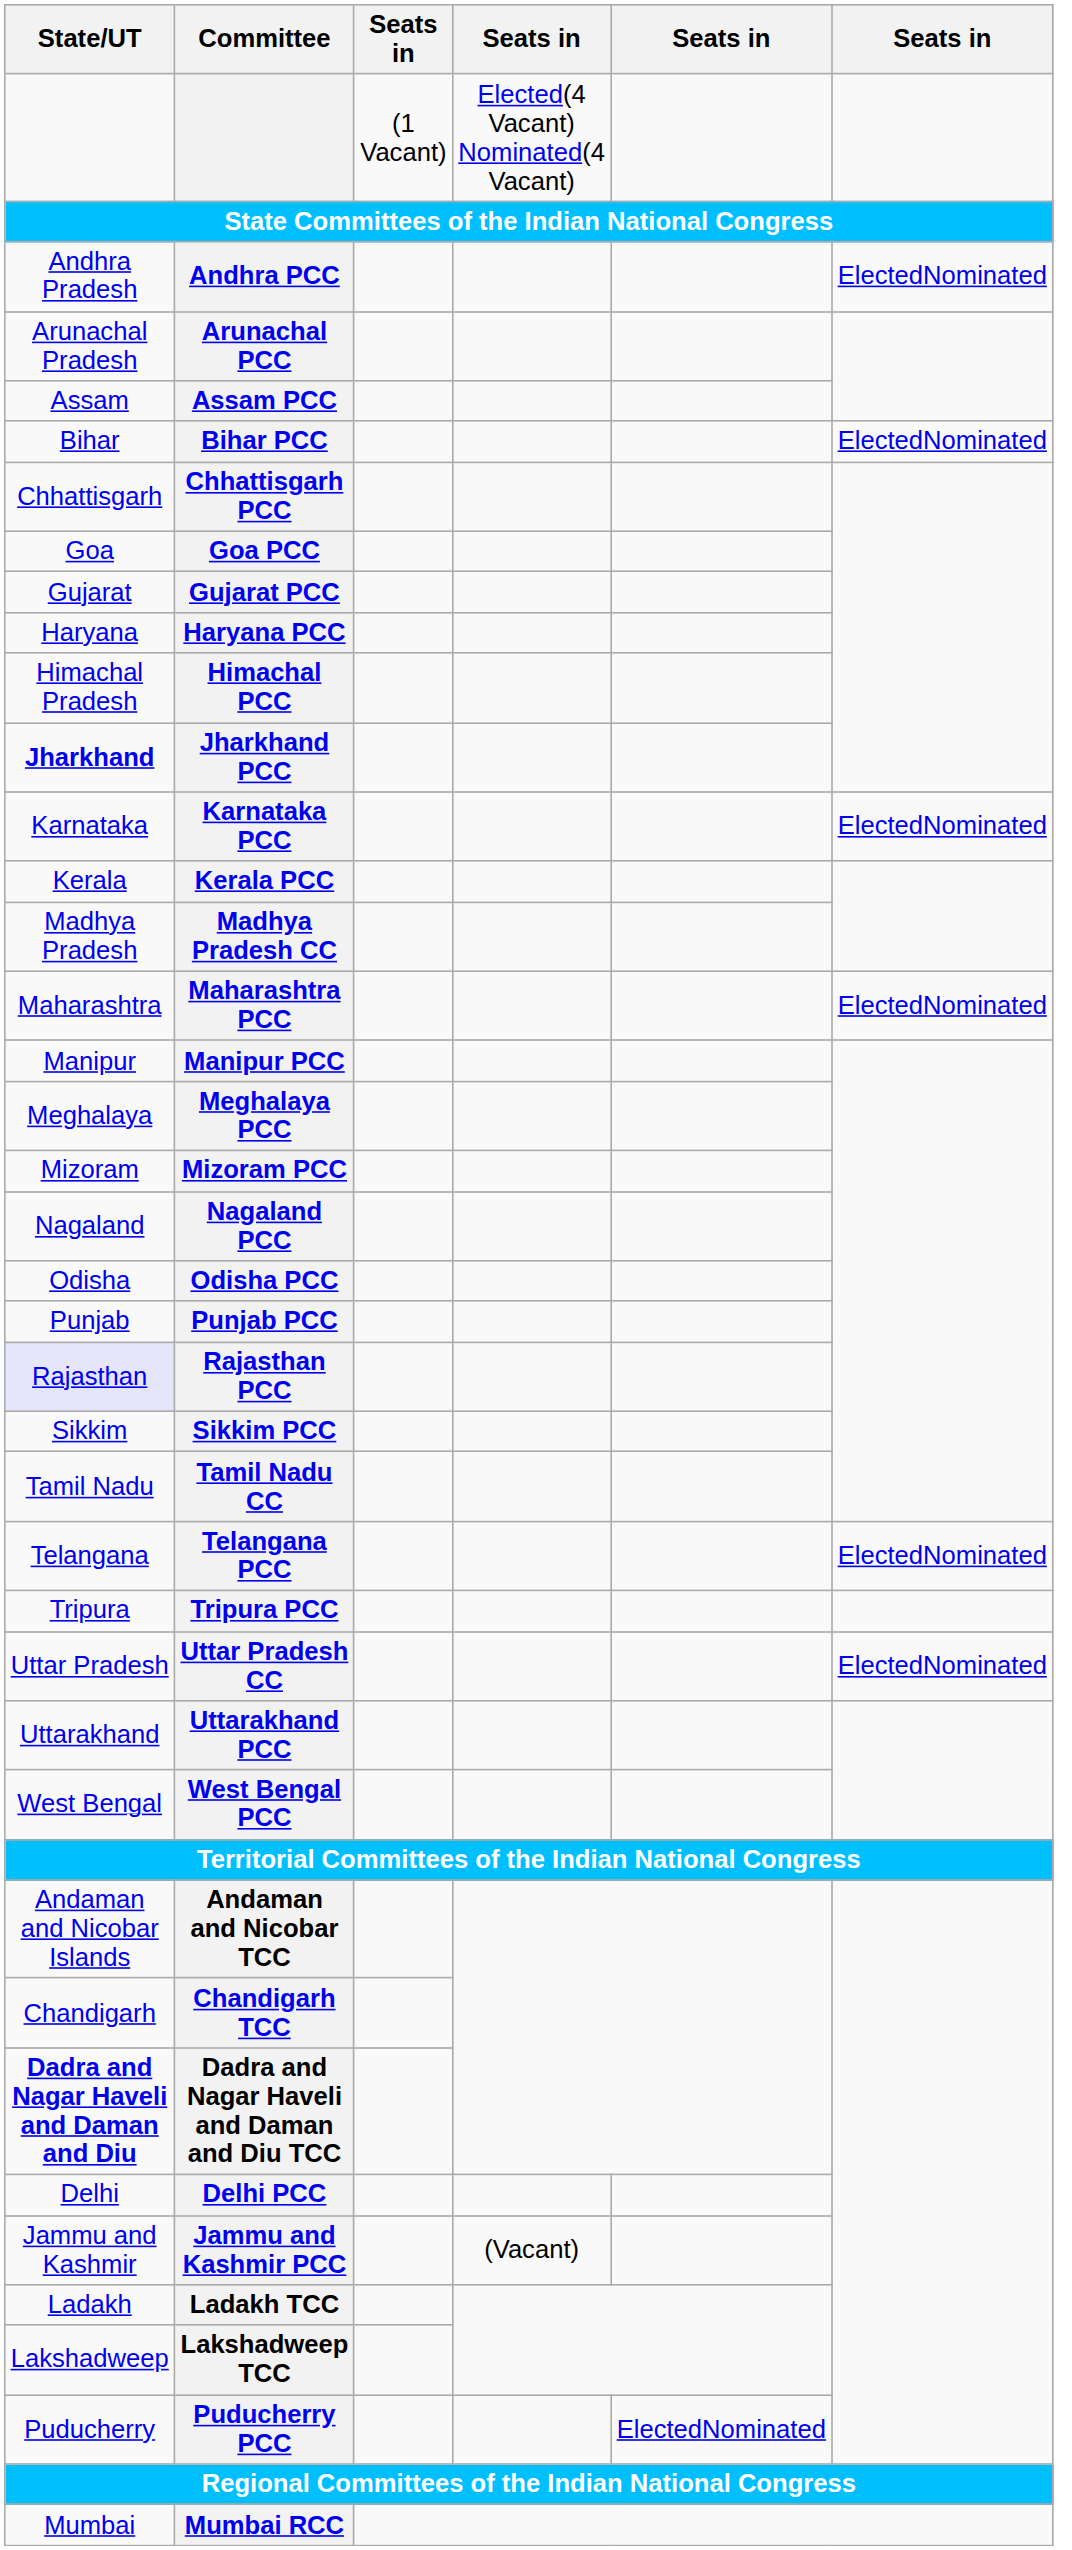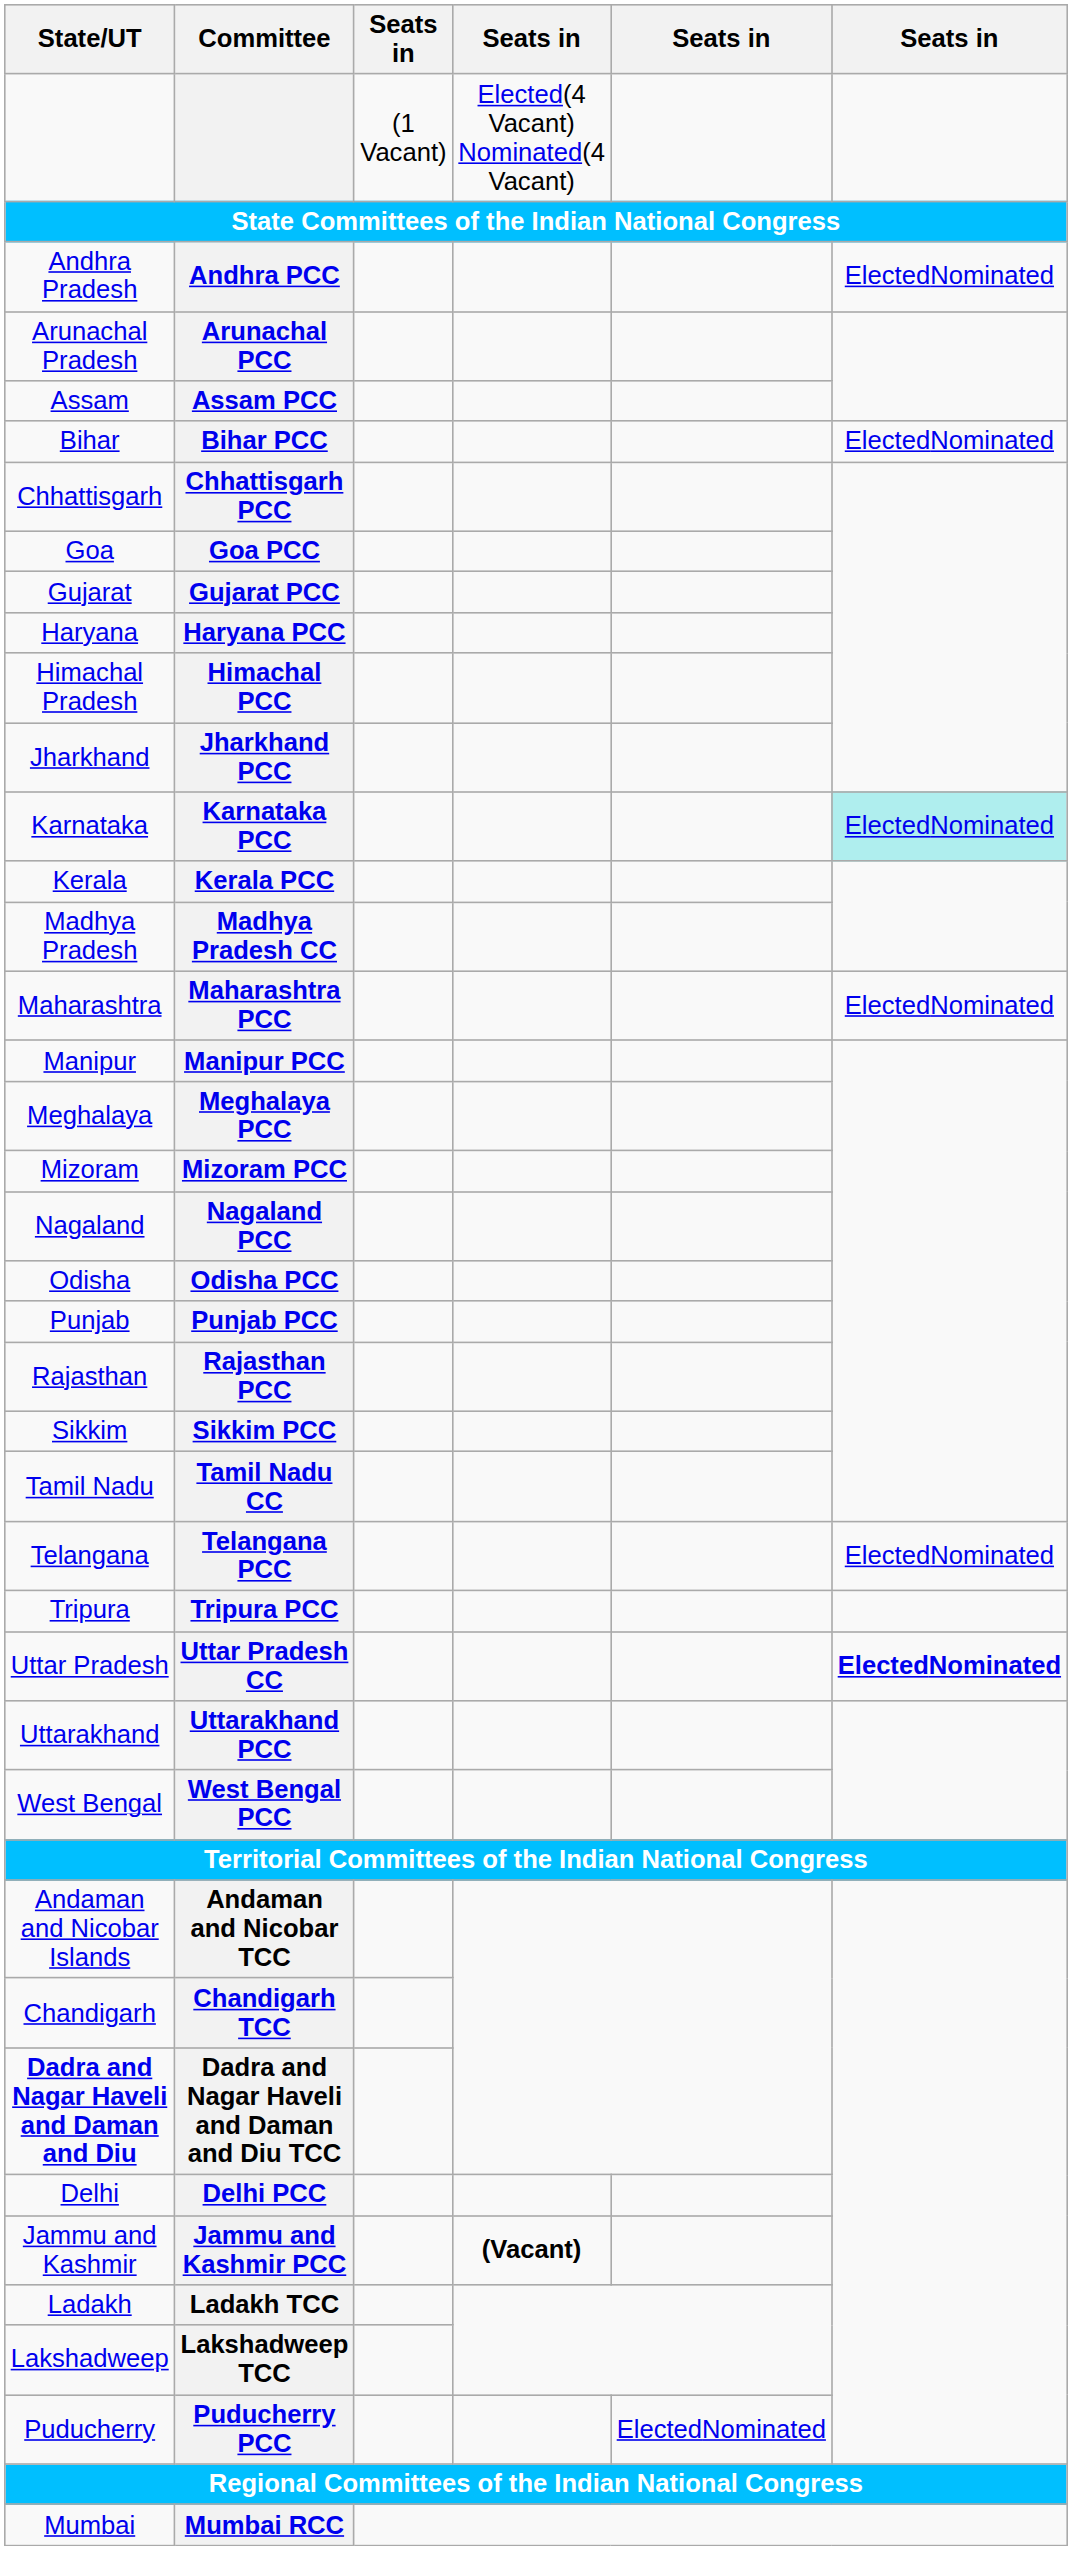 <table class="sortable wikitable" style="text-align:center" width="70%">
 <tr>
 <th>State/UT</th>
 <th>Committee</th>
 <th>Seats in </th>
 <th>Seats in </th>
 <th>Seats in </th>
 <th>Seats in </th>
 </tr>
 <tr>
 <td></td>
 <th></th>
 <td>(1 Vacant)</td>
 <td><a href='#'>Elected</a>(4 Vacant)<br><a href='#'>Nominated</a>(4 Vacant)</td>
 <td></td>
 <td></td>
 </tr>
 <tr>
 <th colspan="7" align="center" style="background: #00BFFF; color:white;">State Committees of the Indian National Congress</th>
 </tr>
 <tr>
 <td><a href='#'>Andhra Pradesh</a></td>
 <th><a href='#'>Andhra PCC</a></th>
 <td></td>
 <td></td>
 <td></td>
 <td><a href='#'>Elected</a><a href='#'>Nominated</a></td>
 </tr>
 <tr>
 <td><a href='#'>Arunachal Pradesh</a></td>
 <th><a href='#'>Arunachal PCC</a></th>
 <td></td>
 <td></td>
 <td></td>
 <td rowspan="2"></td>
 </tr>
 <tr>
 <td><a href='#'>Assam</a></td>
 <th><a href='#'>Assam PCC</a></th>
 <td></td>
 <td></td>
 <td></td>
 </tr>
 <tr>
 <td><a href='#'>Bihar</a></td>
 <th><a href='#'>Bihar PCC</a></th>
 <td></td>
 <td></td>
 <td></td>
 <td><a href='#'>Elected</a><a href='#'>Nominated</a><br></td>
 </tr>
 <tr>
 <td><a href='#'>Chhattisgarh</a></td>
 <th><a href='#'>Chhattisgarh PCC</a></th>
 <td></td>
 <td></td>
 <td></td>
 <td rowspan="6"></td>
 </tr>
 <tr>
 <td><a href='#'>Goa</a></td>
 <th><a href='#'>Goa PCC</a></th>
 <td></td>
 <td></td>
 <td></td>
 </tr>
 <tr>
 <td><a href='#'>Gujarat</a></td>
 <th><a href='#'>Gujarat PCC</a></th>
 <td></td>
 <td></td>
 <td></td>
 </tr>
 <tr>
 <td><a href='#'>Haryana</a></td>
 <th><a href='#'>Haryana PCC</a></th>
 <td></td>
 <td></td>
 <td></td>
 </tr>
 <tr>
 <td><a href='#'>Himachal Pradesh</a></td>
 <th><a href='#'>Himachal PCC</a></th>
 <td></td>
 <td></td>
 <td></td>
 </tr>
 <tr>
-<td><strong><a href='#'>Jharkhand</a></strong></td>
+<td><a href='#'>Jharkhand</a></td>
 <th><a href='#'>Jharkhand PCC</a></th>
 <td></td>
 <td></td>
 <td></td>
 </tr>
 <tr>
 <td><a href='#'>Karnataka</a></td>
 <th><a href='#'>Karnataka PCC</a></th>
 <td></td>
 <td></td>
 <td></td>
-<td><a href='#'>Elected</a><a href='#'>Nominated</a><br></td>
+<td style="background: paleturquoise;"><a href='#'>Elected</a><a href='#'>Nominated</a><br></td>
 </tr>
 <tr>
 <td><a href='#'>Kerala</a></td>
 <th><a href='#'>Kerala PCC</a></th>
 <td></td>
 <td></td>
 <td></td>
 <td rowspan="2"></td>
 </tr>
 <tr>
 <td><a href='#'>Madhya Pradesh</a></td>
 <th><a href='#'>Madhya Pradesh CC</a></th>
 <td></td>
 <td></td>
 <td></td>
 </tr>
 <tr>
 <td><a href='#'>Maharashtra</a></td>
 <th><a href='#'>Maharashtra PCC</a></th>
 <td></td>
 <td></td>
 <td></td>
 <td><a href='#'>Elected</a><a href='#'>Nominated</a></td>
 </tr>
 <tr>
 <td><a href='#'>Manipur</a></td>
 <th><a href='#'>Manipur PCC</a></th>
 <td></td>
 <td></td>
 <td></td>
 <td rowspan="9"></td>
 </tr>
 <tr>
 <td><a href='#'>Meghalaya</a></td>
 <th><a href='#'>Meghalaya PCC</a></th>
 <td></td>
 <td></td>
 <td></td>
 </tr>
 <tr>
 <td><a href='#'>Mizoram</a></td>
 <th><a href='#'>Mizoram PCC</a></th>
 <td></td>
 <td></td>
 <td></td>
 </tr>
 <tr>
 <td><a href='#'>Nagaland</a></td>
 <th><a href='#'>Nagaland PCC</a></th>
 <td></td>
 <td></td>
 <td></td>
 </tr>
 <tr>
 <td><a href='#'>Odisha</a></td>
 <th><a href='#'>Odisha PCC</a></th>
 <td></td>
 <td></td>
 <td></td>
 </tr>
 <tr>
 <td><a href='#'>Punjab</a></td>
 <th><a href='#'>Punjab PCC</a></th>
 <td></td>
 <td></td>
 <td></td>
 </tr>
 <tr>
-<td style="background: lavender;"><a href='#'>Rajasthan</a></td>
+<td><a href='#'>Rajasthan</a></td>
 <th><a href='#'>Rajasthan PCC</a></th>
 <td></td>
 <td></td>
 <td></td>
 </tr>
 <tr>
 <td><a href='#'>Sikkim</a></td>
 <th><a href='#'>Sikkim PCC</a></th>
 <td></td>
 <td></td>
 <td></td>
 </tr>
 <tr>
 <td><a href='#'>Tamil Nadu</a></td>
 <th><a href='#'>Tamil Nadu CC</a></th>
 <td></td>
 <td></td>
 <td></td>
 </tr>
 <tr>
 <td><a href='#'>Telangana</a></td>
 <th><a href='#'>Telangana PCC</a></th>
 <td></td>
 <td></td>
 <td></td>
 <td><a href='#'>Elected</a><a href='#'>Nominated</a></td>
 </tr>
 <tr>
 <td><a href='#'>Tripura</a></td>
 <th><a href='#'>Tripura PCC</a></th>
 <td></td>
 <td></td>
 <td></td>
 <td></td>
 </tr>
 <tr>
 <td><a href='#'>Uttar Pradesh</a></td>
 <th><a href='#'>Uttar Pradesh CC</a></th>
 <td></td>
 <td></td>
 <td></td>
-<td><a href='#'>Elected</a><a href='#'>Nominated</a></td>
+<td><strong><a href='#'>Elected</a><a href='#'>Nominated</a></strong></td>
 </tr>
 <tr>
 <td><a href='#'>Uttarakhand</a></td>
 <th><a href='#'>Uttarakhand PCC</a></th>
 <td></td>
 <td></td>
 <td></td>
 <td rowspan="2"></td>
 </tr>
 <tr>
 <td><a href='#'>West Bengal</a></td>
 <th><a href='#'>West Bengal PCC</a></th>
 <td></td>
 <td></td>
 <td></td>
 </tr>
 <tr>
 <th colspan="7" align="center" style="background: #00BFFF; color:white;">Territorial Committees of the Indian National Congress</th>
 </tr>
 <tr>
 <td><a href='#'>Andaman and Nicobar Islands</a></td>
 <th>Andaman and Nicobar TCC</th>
 <td></td>
 <td rowspan="3" colspan="2"></td>
 <td rowspan="8"></td>
 </tr>
 <tr>
 <td><a href='#'>Chandigarh</a></td>
 <th><a href='#'>Chandigarh TCC</a></th>
 <td></td>
 </tr>
 <tr>
 <td><strong><a href='#'>Dadra and Nagar Haveli and Daman and Diu</a></strong></td>
 <th>Dadra and Nagar Haveli and Daman and Diu TCC</th>
 <td></td>
 </tr>
 <tr>
 <td><a href='#'>Delhi</a></td>
 <th><a href='#'>Delhi PCC</a></th>
 <td></td>
 <td></td>
 <td></td>
 </tr>
 <tr>
 <td><a href='#'>Jammu and Kashmir</a></td>
 <th><a href='#'>Jammu and Kashmir PCC</a></th>
 <td></td>
-<td>(Vacant)</td>
+<td><strong>(Vacant)</strong></td>
 <td></td>
 </tr>
 <tr>
 <td><a href='#'>Ladakh</a></td>
 <th>Ladakh TCC</th>
 <td></td>
 <td rowspan="2" colspan="2"></td>
 </tr>
 <tr>
 <td><a href='#'>Lakshadweep</a></td>
 <th>Lakshadweep TCC</th>
 <td></td>
 </tr>
 <tr>
 <td><a href='#'>Puducherry</a></td>
 <th><a href='#'>Puducherry PCC</a></th>
 <td></td>
 <td></td>
 <td><a href='#'>Elected</a><a href='#'>Nominated</a><br></td>
 </tr>
 <tr>
 <th colspan="7" align="center" style="background: #00BFFF; color:white;">Regional Committees of the Indian National Congress</th>
 </tr>
 <tr>
 <td><a href='#'>Mumbai</a></td>
 <th><a href='#'>Mumbai RCC</a></th>
 <td colspan="4"></td>
 </tr>
 </table>
